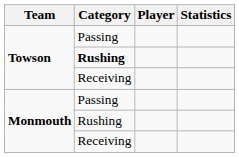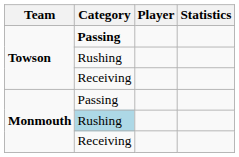 <table class="wikitable" style="float: right;">
 <tr>
 <th>Team</th>
 <th>Category</th>
 <th>Player</th>
 <th>Statistics</th>
 </tr>
 <tr>
 <td rowspan=3><strong>Towson</strong></td>
-<td>Passing</td>
+<td><strong>Passing</strong></td>
 <td></td>
 <td></td>
 </tr>
 <tr>
-<td><strong>Rushing</strong></td>
+<td>Rushing</td>
 <td></td>
 <td></td>
 </tr>
 <tr>
 <td>Receiving</td>
 <td></td>
 <td></td>
 </tr>
 <tr>
 <td rowspan=3><strong>Monmouth</strong></td>
 <td>Passing</td>
 <td></td>
 <td></td>
 </tr>
 <tr>
-<td>Rushing</td>
+<td style="background: lightblue;">Rushing</td>
 <td></td>
 <td></td>
 </tr>
 <tr>
 <td>Receiving</td>
 <td></td>
 <td></td>
 </tr>
 </table>
